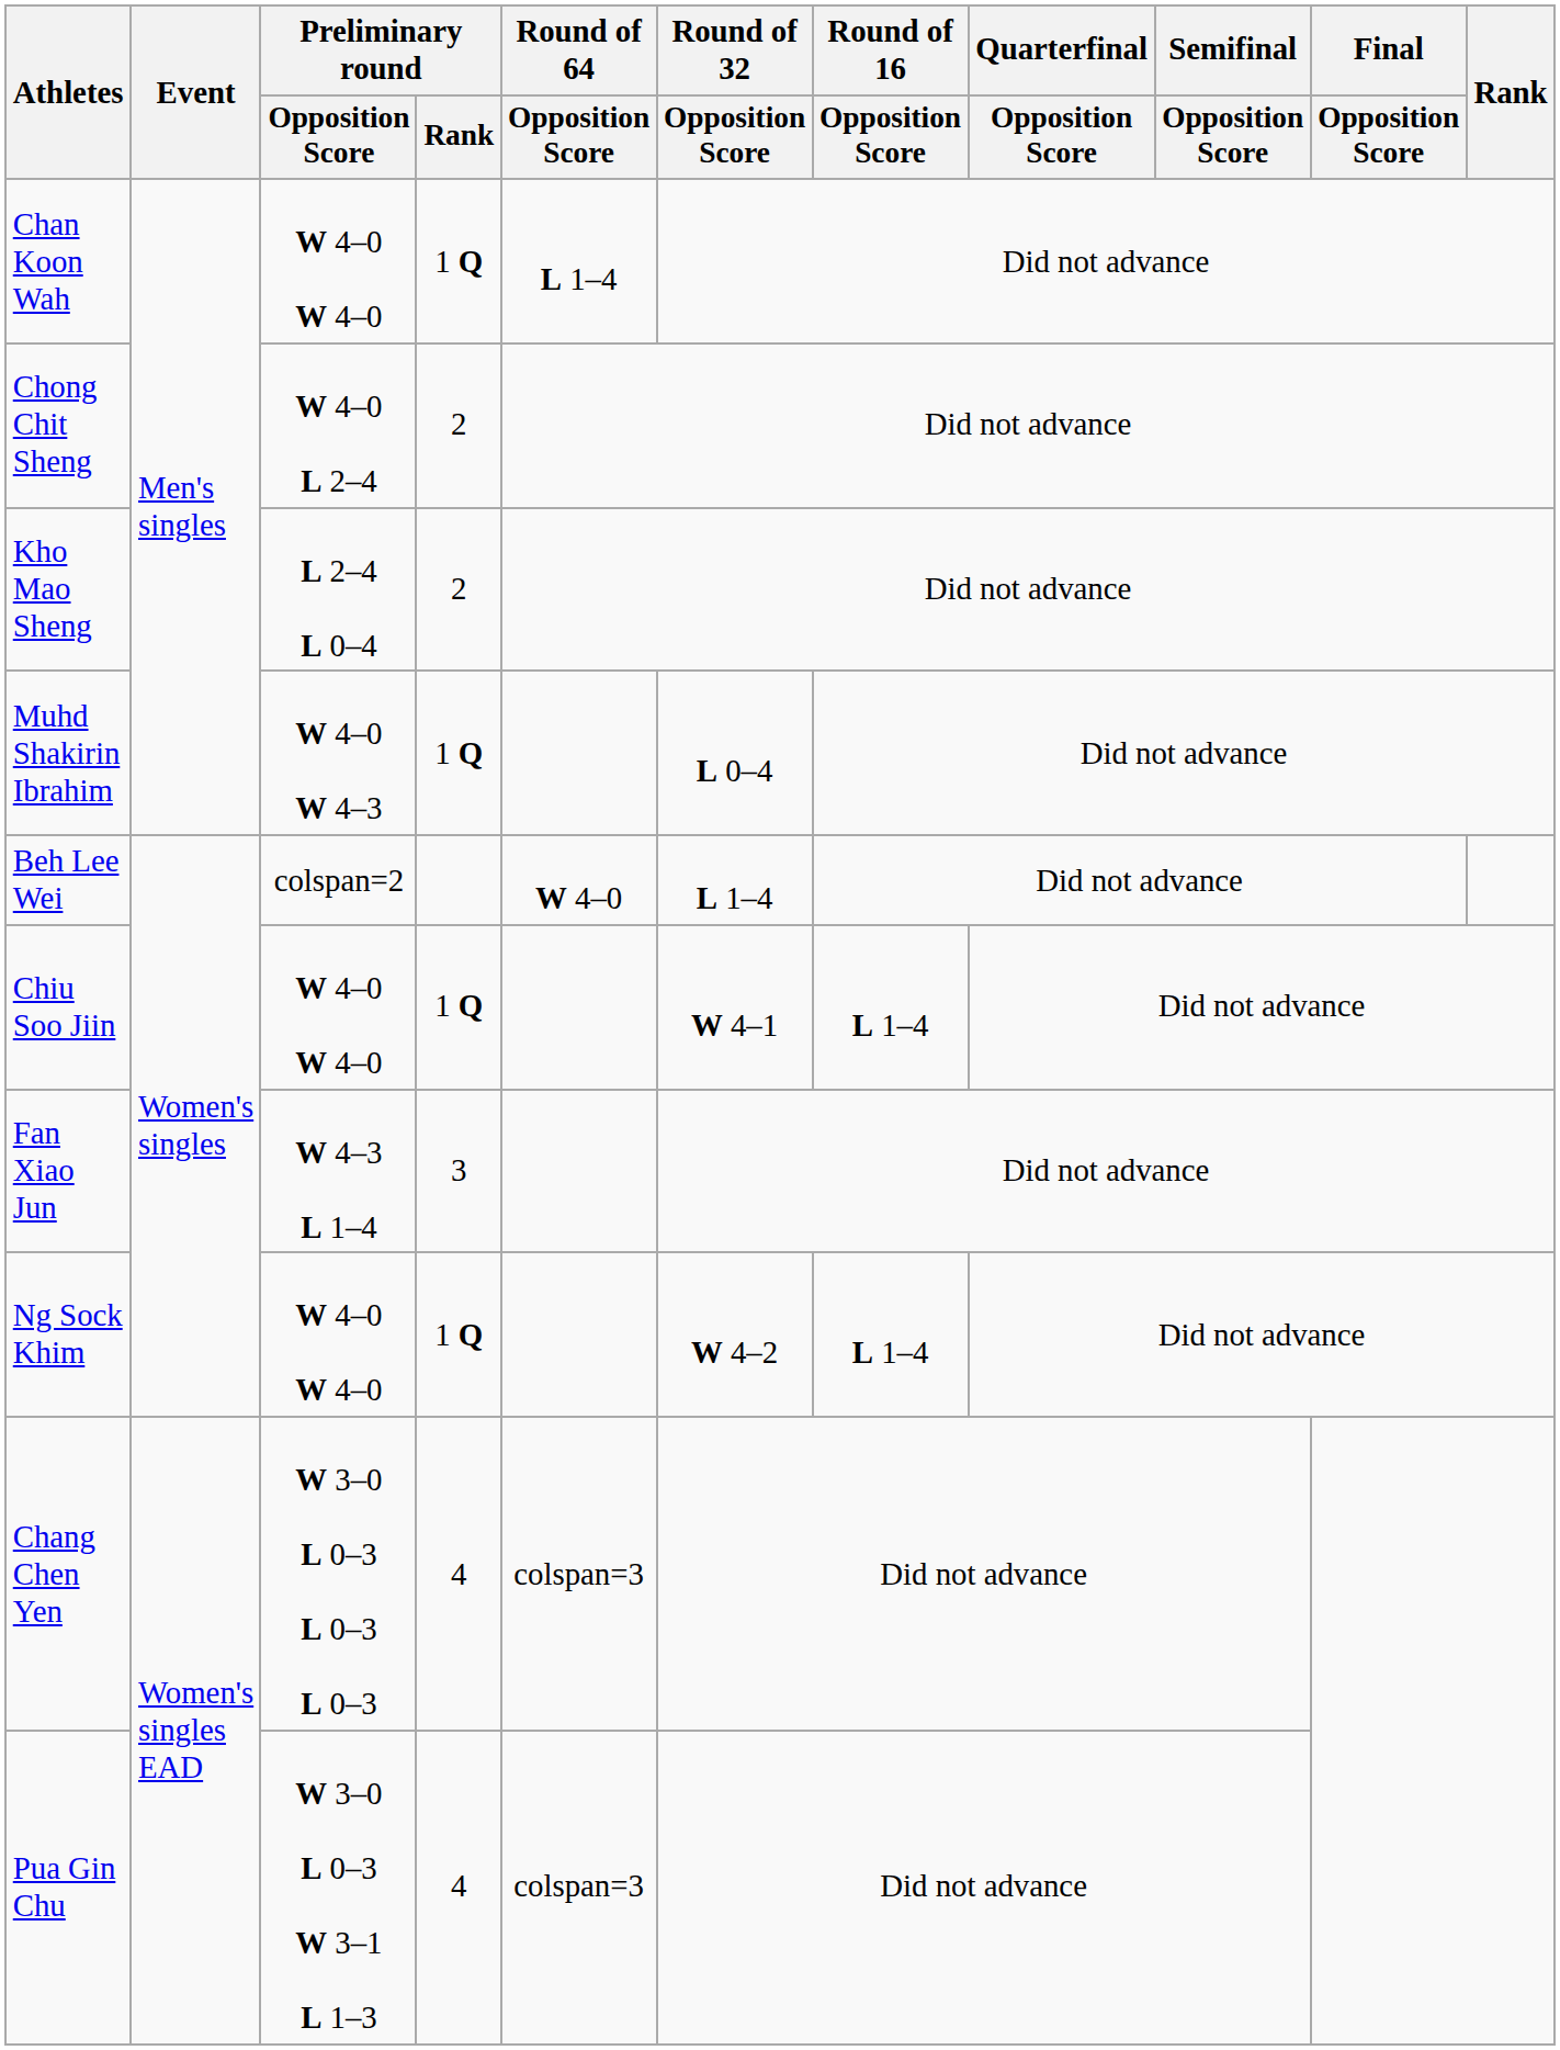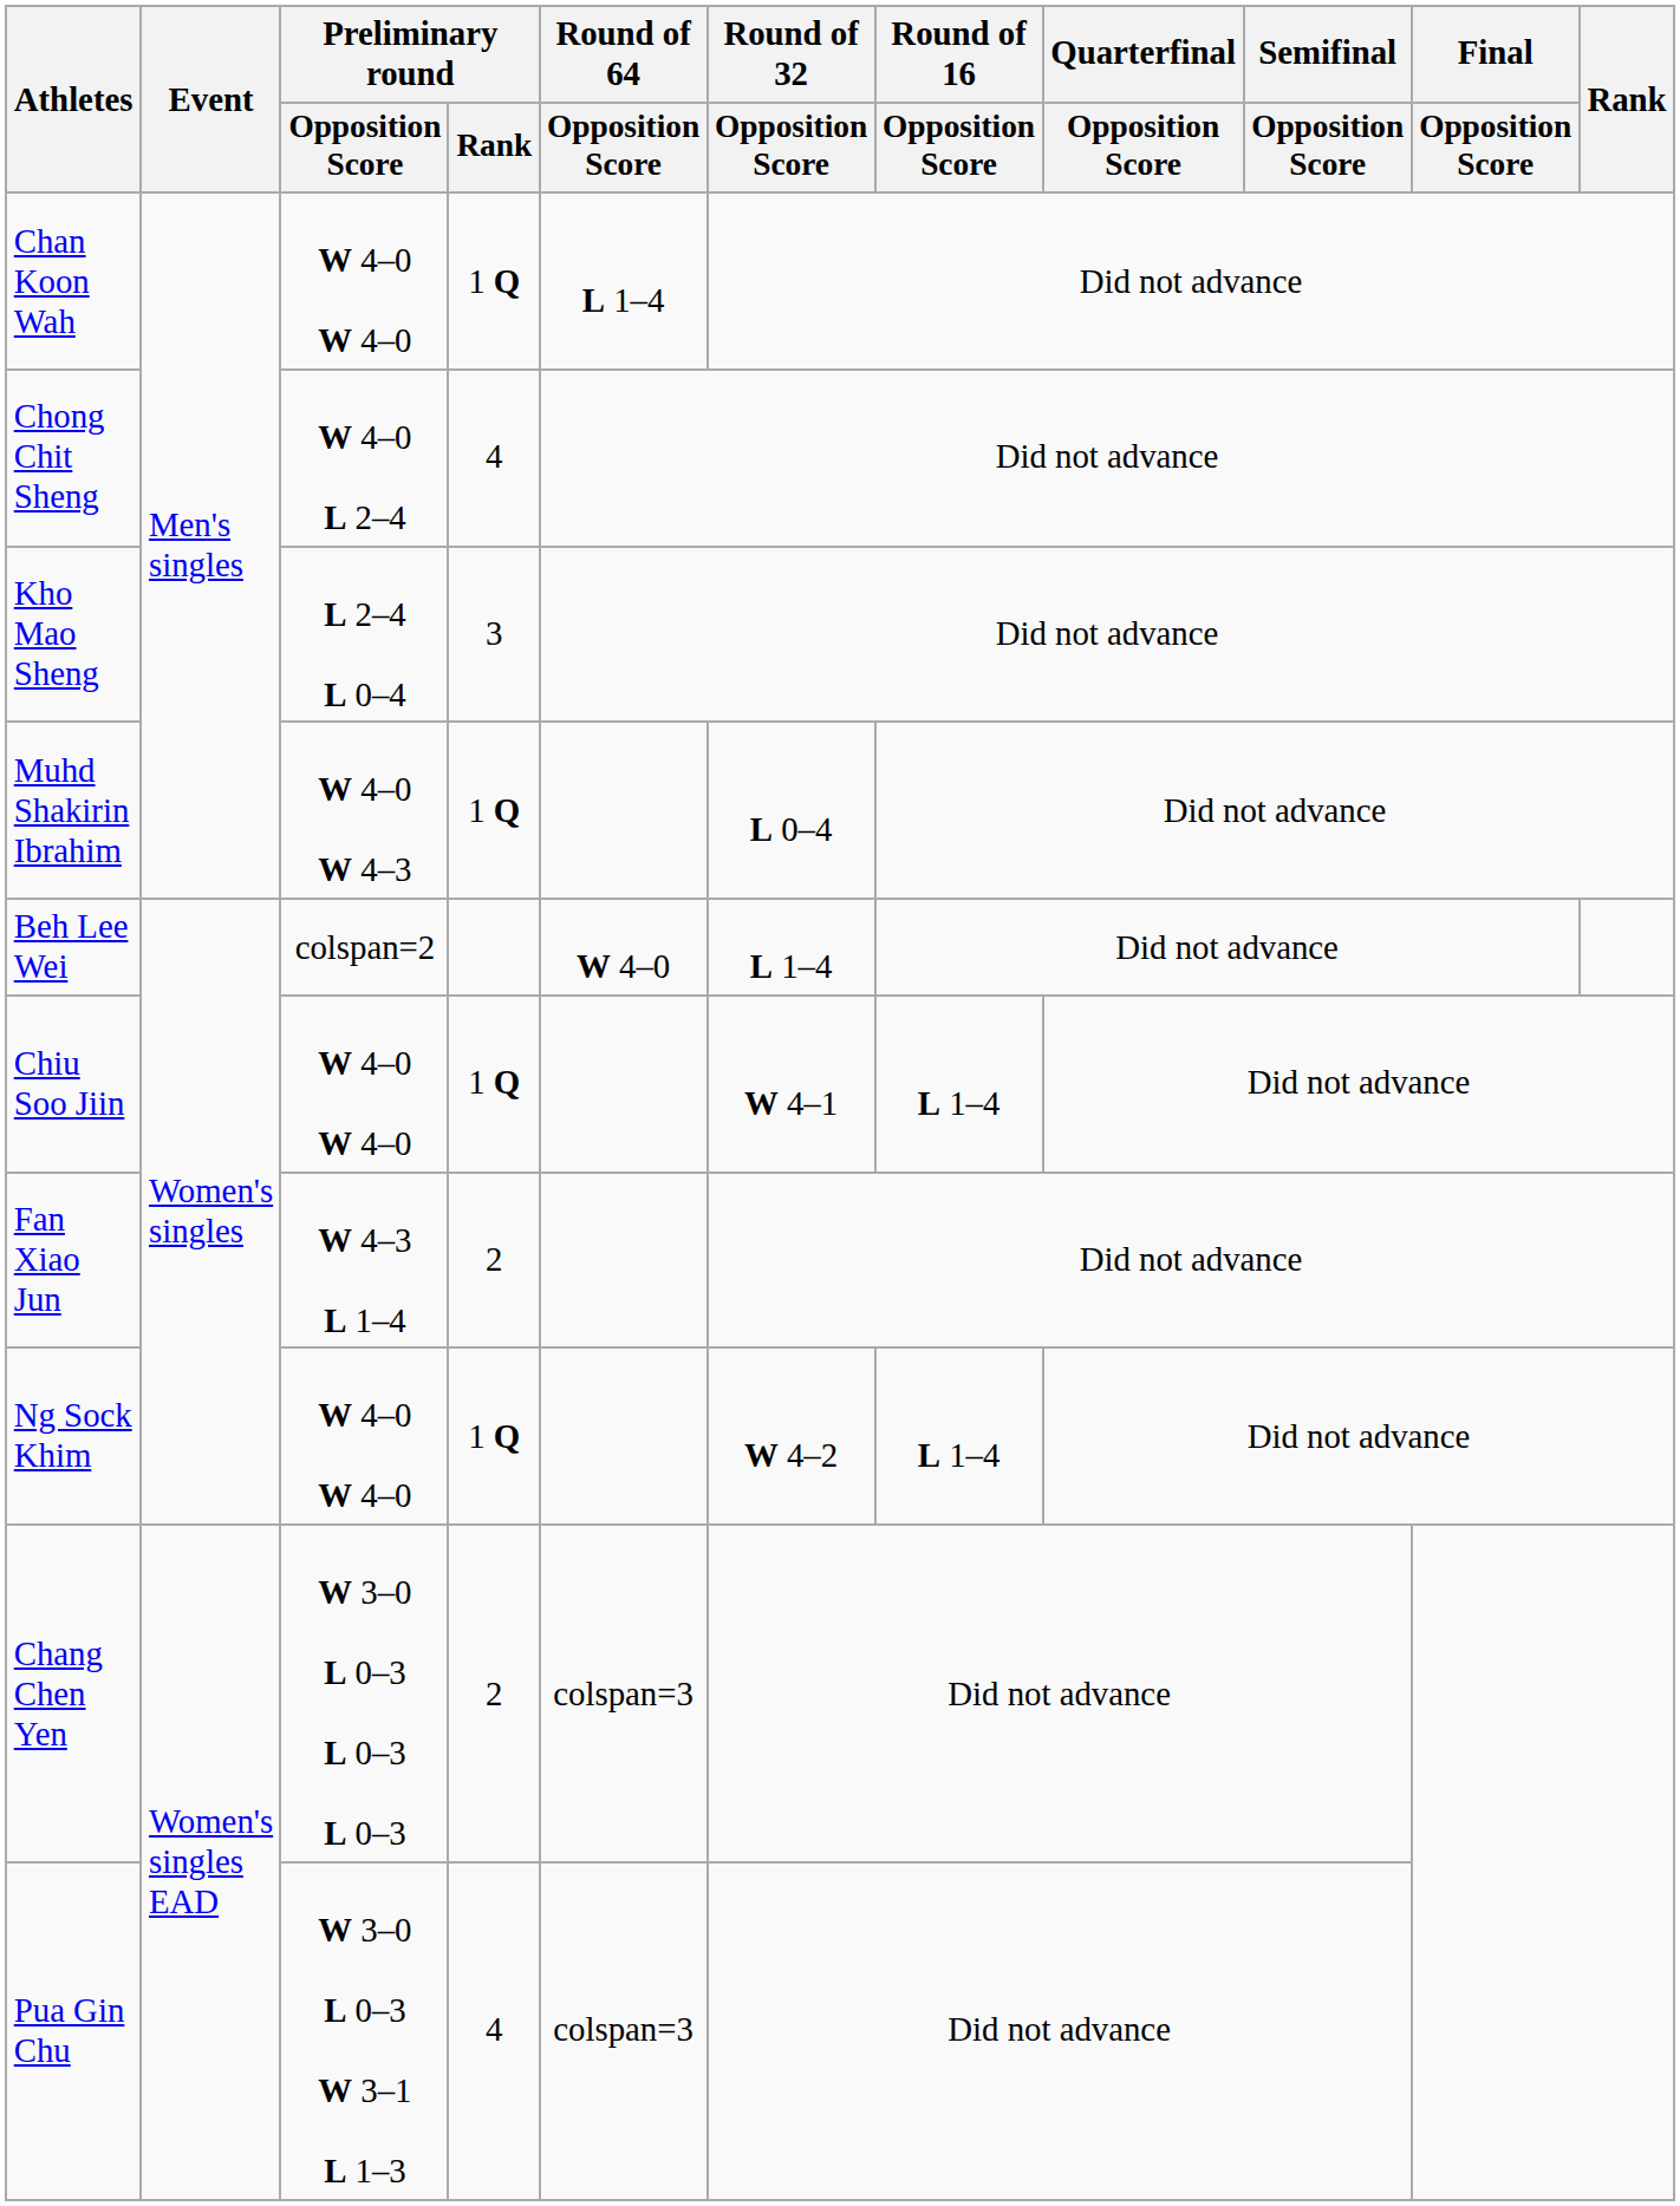 <table class="wikitable" style="font-size:90%">
 <tr>
 <th rowspan=2>Athletes</th>
 <th rowspan=2>Event</th>
 <th colspan=2>Preliminary round</th>
 <th>Round of 64</th>
 <th>Round of 32</th>
 <th>Round of 16</th>
 <th>Quarterfinal</th>
 <th>Semifinal</th>
 <th>Final</th>
 <th rowspan=2>Rank</th>
 </tr>
 <tr style="font-size:95%">
 <th>Opposition<br>Score</th>
 <th>Rank</th>
 <th>Opposition<br>Score</th>
 <th>Opposition<br>Score</th>
 <th>Opposition<br>Score</th>
 <th>Opposition<br>Score</th>
 <th>Opposition<br>Score</th>
 <th>Opposition<br>Score</th>
 </tr>
 <tr align=center>
 <td align=left><a href='#'>Chan Koon Wah</a></td>
 <td align=left rowspan=4><a href='#'>Men's singles</a></td>
 <td><br><strong>W</strong> 4–0<br><br><strong>W</strong> 4–0</td>
 <td>1 <strong>Q</strong></td>
 <td><br><strong>L</strong> 1–4</td>
 <td colspan=6>Did not advance</td>
 </tr>
 <tr align=center>
 <td align=left><a href='#'>Chong Chit Sheng</a></td>
 <td><br><strong>W</strong> 4–0<br><br><strong>L</strong> 2–4</td>
-<td>2</td>
+<td>4</td>
 <td colspan=7>Did not advance</td>
 </tr>
 <tr align=center>
 <td align=left><a href='#'>Kho Mao Sheng</a></td>
 <td><br><strong>L</strong> 2–4<br><br><strong>L</strong> 0–4</td>
-<td>2</td>
+<td>3</td>
 <td colspan=7>Did not advance</td>
 </tr>
 <tr align=center>
 <td align=left><a href='#'>Muhd Shakirin Ibrahim</a></td>
 <td><br><strong>W</strong> 4–0<br><br><strong>W</strong> 4–3</td>
 <td>1 <strong>Q</strong></td>
 <td></td>
 <td><br><strong>L</strong> 0–4</td>
 <td colspan=5>Did not advance</td>
 </tr>
 <tr align=center>
 <td align=left><a href='#'>Beh Lee Wei</a></td>
 <td align=left rowspan=4><a href='#'>Women's singles</a></td>
 <td>colspan=2 </td>
 <td></td>
 <td><br><strong>W</strong> 4–0</td>
 <td><br><strong>L</strong> 1–4</td>
 <td colspan=4>Did not advance</td>
 </tr>
 <tr align=center>
 <td align=left><a href='#'>Chiu Soo Jiin</a></td>
 <td><br><strong>W</strong> 4–0<br><br><strong>W</strong> 4–0<br></td>
 <td>1 <strong>Q</strong></td>
 <td></td>
 <td><br><strong>W</strong> 4–1</td>
 <td><br><strong>L</strong> 1–4</td>
 <td colspan=4>Did not advance</td>
 </tr>
 <tr align=center>
 <td align=left><a href='#'>Fan Xiao Jun</a></td>
 <td><br><strong>W</strong> 4–3<br><br><strong>L</strong> 1–4<br></td>
-<td>3</td>
+<td>2</td>
 <td></td>
 <td colspan=6>Did not advance</td>
 </tr>
 <tr align=center>
 <td align=left><a href='#'>Ng Sock Khim</a></td>
 <td><br><strong>W</strong> 4–0<br><br><strong>W</strong> 4–0<br></td>
 <td>1 <strong>Q</strong></td>
 <td></td>
 <td><br><strong>W</strong> 4–2</td>
 <td><br><strong>L</strong> 1–4</td>
 <td colspan=4>Did not advance</td>
 </tr>
 <tr align=center>
 <td align=left><a href='#'>Chang Chen Yen</a></td>
 <td align=left rowspan=2><a href='#'>Women's singles EAD</a></td>
 <td><br><strong>W</strong> 3–0<br><br><strong>L</strong> 0–3<br><br><strong>L</strong> 0–3<br><br><strong>L</strong> 0–3</td>
-<td>4</td>
+<td>2</td>
 <td>colspan=3 </td>
 <td colspan=4>Did not advance</td>
 </tr>
 <tr align=center>
 <td align=left><a href='#'>Pua Gin Chu</a></td>
 <td><br><strong>W</strong> 3–0<br><br><strong>L</strong> 0–3<br><br><strong>W</strong> 3–1<br><br><strong>L</strong> 1–3</td>
 <td>4</td>
 <td>colspan=3 </td>
 <td colspan=4>Did not advance</td>
 </tr>
 </table>
